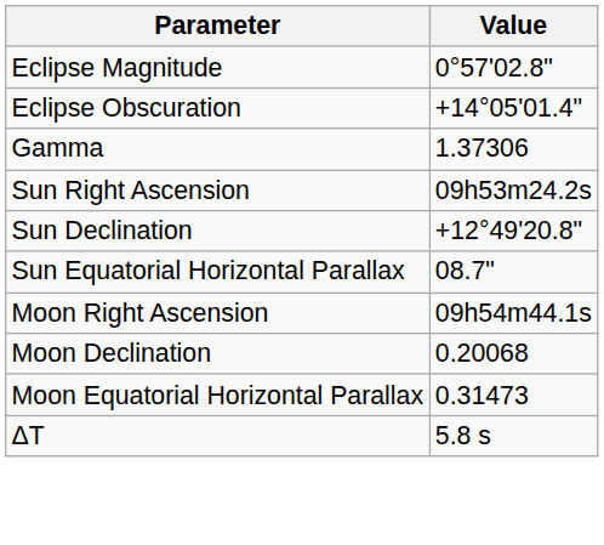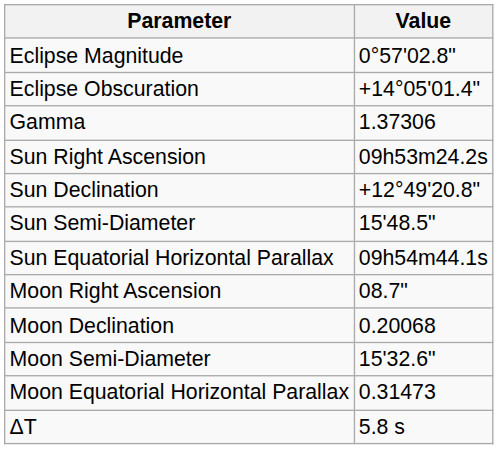 <table class="wikitable">
 <tr>
 <th>Parameter</th>
 <th>Value</th>
 </tr>
 <tr>
 <td>Eclipse Magnitude</td>
 <td>0°57'02.8"</td>
 </tr>
 <tr>
 <td>Eclipse Obscuration</td>
 <td>+14°05'01.4"</td>
 </tr>
 <tr>
 <td>Gamma</td>
 <td>1.37306</td>
 </tr>
 <tr>
 <td>Sun Right Ascension</td>
 <td>09h53m24.2s</td>
 </tr>
 <tr>
 <td>Sun Declination</td>
 <td>+12°49'20.8"</td>
 </tr>
 <tr>
+<td>Sun Semi-Diameter</td>
+<td>15'48.5"</td>
+</tr>
+<tr>
 <td>Sun Equatorial Horizontal Parallax</td>
-<td>08.7"</td>
+<td>09h54m44.1s</td>
 </tr>
 <tr>
 <td>Moon Right Ascension</td>
-<td>09h54m44.1s</td>
+<td>08.7"</td>
 </tr>
 <tr>
 <td>Moon Declination</td>
 <td>0.20068</td>
+</tr>
+<tr>
+<td>Moon Semi-Diameter</td>
+<td>15'32.6"</td>
 </tr>
 <tr>
 <td>Moon Equatorial Horizontal Parallax</td>
 <td>0.31473</td>
 </tr>
 <tr>
 <td>ΔT</td>
 <td>5.8 s</td>
 </tr>
 </table>
